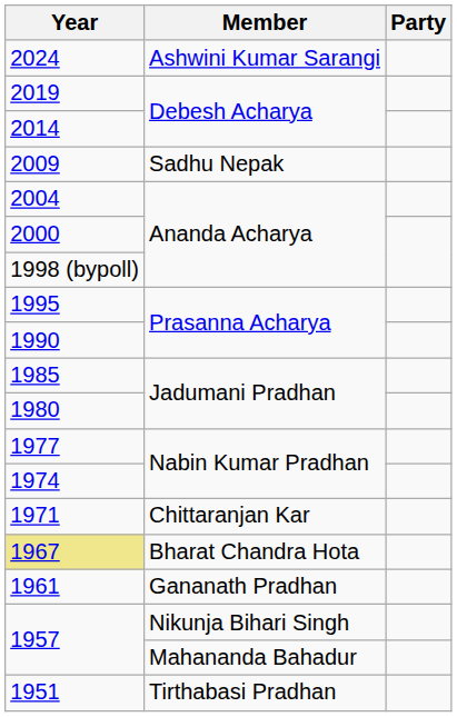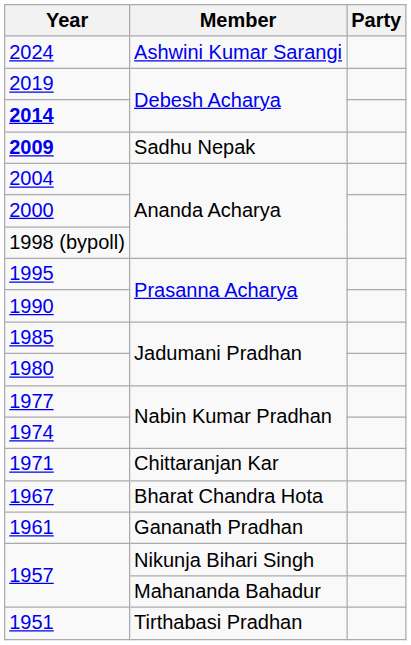 <table class="wikitable sortable">
 <tr>
 <th>Year</th>
 <th>Member</th>
 <th colspan=2>Party</th>
 </tr>
 <tr>
 <td><a href='#'>2024</a></td>
 <td><a href='#'>Ashwini Kumar Sarangi</a></td>
 <td></td>
 </tr>
 <tr>
 <td><a href='#'>2019</a></td>
 <td rowspan=2><a href='#'>Debesh Acharya</a></td>
 <td></td>
 </tr>
 <tr>
-<td><a href='#'>2014</a></td>
+<td><strong><a href='#'>2014</a></strong></td>
 </tr>
 <tr>
-<td><a href='#'>2009</a></td>
+<td><strong><a href='#'>2009</a></strong></td>
 <td>Sadhu Nepak</td>
 <td></td>
 </tr>
 <tr>
 <td><a href='#'>2004</a></td>
 <td rowspan=3>Ananda Acharya</td>
 <td></td>
 </tr>
 <tr>
 <td><a href='#'>2000</a></td>
 </tr>
 <tr>
 <td>1998 (bypoll)</td>
 </tr>
 <tr>
 <td><a href='#'>1995</a></td>
 <td rowspan=2><a href='#'>Prasanna Acharya</a></td>
 <td></td>
 </tr>
 <tr>
 <td><a href='#'>1990</a></td>
 </tr>
 <tr>
 <td><a href='#'>1985</a></td>
 <td rowspan=2>Jadumani Pradhan</td>
 <td></td>
 </tr>
 <tr>
 <td><a href='#'>1980</a></td>
 </tr>
 <tr>
 <td><a href='#'>1977</a></td>
 <td rowspan=2>Nabin Kumar Pradhan</td>
 <td></td>
 </tr>
 <tr>
 <td><a href='#'>1974</a></td>
 <td></td>
 </tr>
 <tr>
 <td><a href='#'>1971</a></td>
 <td>Chittaranjan Kar</td>
 <td></td>
 </tr>
 <tr>
-<td style="background: khaki;"><a href='#'>1967</a></td>
+<td><a href='#'>1967</a></td>
 <td>Bharat Chandra Hota</td>
 <td></td>
 </tr>
 <tr>
 <td><a href='#'>1961</a></td>
 <td>Gananath Pradhan</td>
 <td></td>
 </tr>
 <tr>
 <td rowspan="2"><a href='#'>1957</a></td>
 <td>Nikunja Bihari Singh</td>
 <td></td>
 </tr>
 <tr>
 <td>Mahananda Bahadur</td>
 </tr>
 <tr>
 <td><a href='#'>1951</a></td>
 <td>Tirthabasi Pradhan</td>
 <td></td>
 </tr>
 </table>
